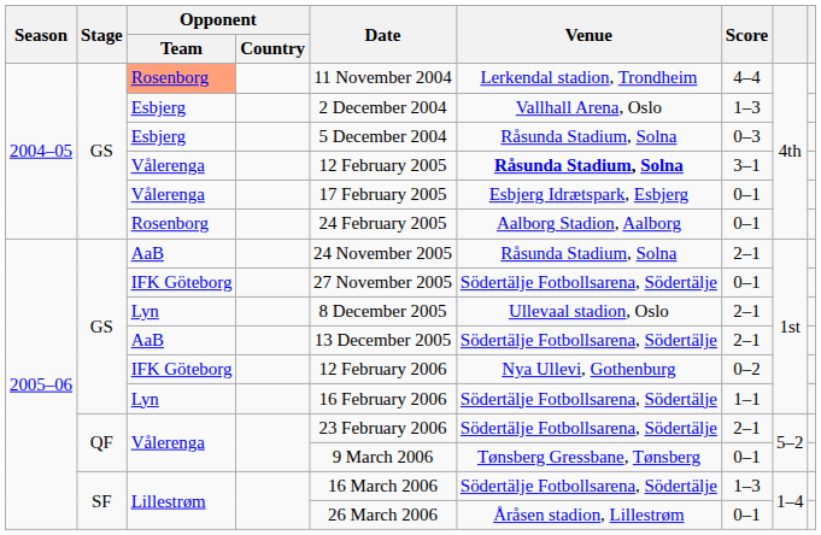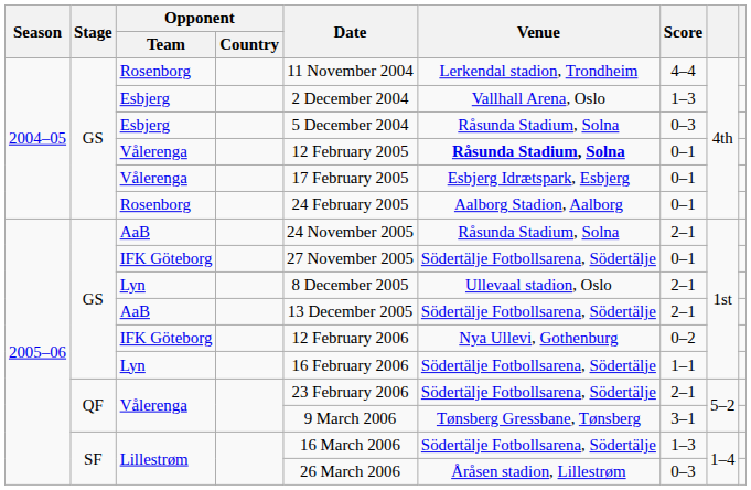 <table class="wikitable" style="text-align: center; font-size: 97%;">
 <tr>
 <th rowspan=2>Season</th>
 <th rowspan=2>Stage</th>
 <th scope="col" colspan=2>Opponent</th>
 <th scope="col" rowspan=2>Date</th>
 <th scope="col" rowspan=2>Venue</th>
 <th scope="col" rowspan=2>Score</th>
 <th scope="col" rowspan=2></th>
 <th scope="col" rowspan=2></th>
 </tr>
 <tr>
 <th scope="col">Team</th>
 <th scope="col">Country</th>
 </tr>
 <tr>
 <td rowspan=6><a href='#'>2004–05</a></td>
 <td rowspan=6>GS</td>
-<td align=left style="background: lightsalmon;"><a href='#'>Rosenborg</a></td>
+<td align=left><a href='#'>Rosenborg</a></td>
 <td align=left></td>
 <td>11 November 2004</td>
 <td><a href='#'>Lerkendal stadion</a>, <a href='#'>Trondheim</a></td>
 <td>4–4</td>
 <td rowspan=6>4th</td>
 <td></td>
 </tr>
 <tr>
 <td align=left><a href='#'>Esbjerg</a></td>
 <td align=left></td>
 <td>2 December 2004</td>
 <td><a href='#'>Vallhall Arena</a>, Oslo</td>
 <td>1–3</td>
 <td></td>
 </tr>
 <tr>
 <td align=left><a href='#'>Esbjerg</a></td>
 <td align=left></td>
 <td>5 December 2004</td>
 <td><a href='#'>Råsunda Stadium</a>, <a href='#'>Solna</a></td>
 <td>0–3</td>
 <td></td>
 </tr>
 <tr>
 <td align=left><a href='#'>Vålerenga</a></td>
 <td align=left></td>
 <td>12 February 2005</td>
 <td><strong><a href='#'>Råsunda Stadium</a>, <a href='#'>Solna</a></strong></td>
-<td>3–1</td>
+<td>0–1</td>
 <td></td>
 </tr>
 <tr>
 <td align=left><a href='#'>Vålerenga</a></td>
 <td align=left></td>
 <td>17 February 2005</td>
 <td><a href='#'>Esbjerg Idrætspark</a>, <a href='#'>Esbjerg</a></td>
 <td>0–1</td>
 <td></td>
 </tr>
 <tr>
 <td align=left><a href='#'>Rosenborg</a></td>
 <td align=left></td>
 <td>24 February 2005</td>
 <td><a href='#'>Aalborg Stadion</a>, <a href='#'>Aalborg</a></td>
 <td>0–1</td>
 <td></td>
 </tr>
 <tr>
 <td rowspan=10><a href='#'>2005–06</a></td>
 <td rowspan=6>GS</td>
 <td align=left><a href='#'>AaB</a></td>
 <td align=left></td>
 <td>24 November 2005</td>
 <td><a href='#'>Råsunda Stadium</a>, <a href='#'>Solna</a></td>
 <td>2–1</td>
 <td rowspan=6>1st</td>
 <td></td>
 </tr>
 <tr>
 <td align=left><a href='#'>IFK Göteborg</a></td>
 <td align=left></td>
 <td>27 November 2005</td>
 <td><a href='#'>Södertälje Fotbollsarena</a>, <a href='#'>Södertälje</a></td>
 <td>0–1</td>
 <td></td>
 </tr>
 <tr>
 <td align=left><a href='#'>Lyn</a></td>
 <td align=left></td>
 <td>8 December 2005</td>
 <td><a href='#'>Ullevaal stadion</a>, Oslo</td>
 <td>2–1</td>
 <td></td>
 </tr>
 <tr>
 <td align=left><a href='#'>AaB</a></td>
 <td align=left></td>
 <td>13 December 2005</td>
 <td><a href='#'>Södertälje Fotbollsarena</a>, <a href='#'>Södertälje</a></td>
 <td>2–1</td>
 <td></td>
 </tr>
 <tr>
 <td align=left><a href='#'>IFK Göteborg</a></td>
 <td align=left></td>
 <td>12 February 2006</td>
 <td><a href='#'>Nya Ullevi</a>, <a href='#'>Gothenburg</a></td>
 <td>0–2</td>
 <td></td>
 </tr>
 <tr>
 <td align=left><a href='#'>Lyn</a></td>
 <td align=left></td>
 <td>16 February 2006</td>
 <td><a href='#'>Södertälje Fotbollsarena</a>, <a href='#'>Södertälje</a></td>
 <td>1–1</td>
 <td></td>
 </tr>
 <tr>
 <td rowspan=2>QF</td>
 <td rowspan=2 align=left><a href='#'>Vålerenga</a></td>
 <td rowspan=2 align=left></td>
 <td>23 February 2006</td>
 <td><a href='#'>Södertälje Fotbollsarena</a>, <a href='#'>Södertälje</a></td>
 <td>2–1</td>
 <td rowspan=2>5–2</td>
 <td></td>
 </tr>
 <tr>
 <td>9 March 2006</td>
 <td><a href='#'>Tønsberg Gressbane</a>, <a href='#'>Tønsberg</a></td>
-<td>0–1</td>
+<td>3–1</td>
 <td></td>
 </tr>
 <tr>
 <td rowspan=2>SF</td>
 <td rowspan=2 align=left><a href='#'>Lillestrøm</a></td>
 <td rowspan=2 align=left></td>
 <td>16 March 2006</td>
 <td><a href='#'>Södertälje Fotbollsarena</a>, <a href='#'>Södertälje</a></td>
 <td>1–3</td>
 <td rowspan=2>1–4</td>
 <td></td>
 </tr>
 <tr>
 <td>26 March 2006</td>
 <td><a href='#'>Åråsen stadion</a>, <a href='#'>Lillestrøm</a></td>
-<td>0–1</td>
+<td>0–3</td>
 <td></td>
 </tr>
 </table>
